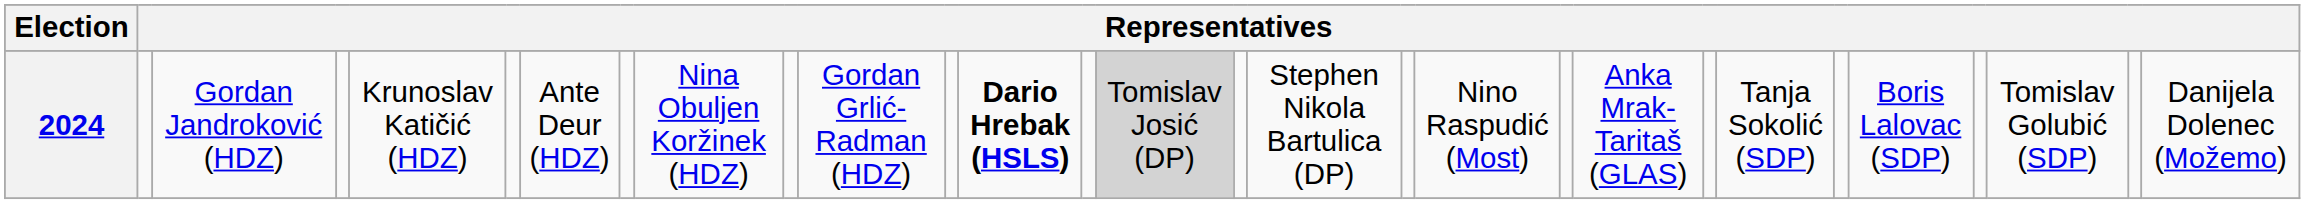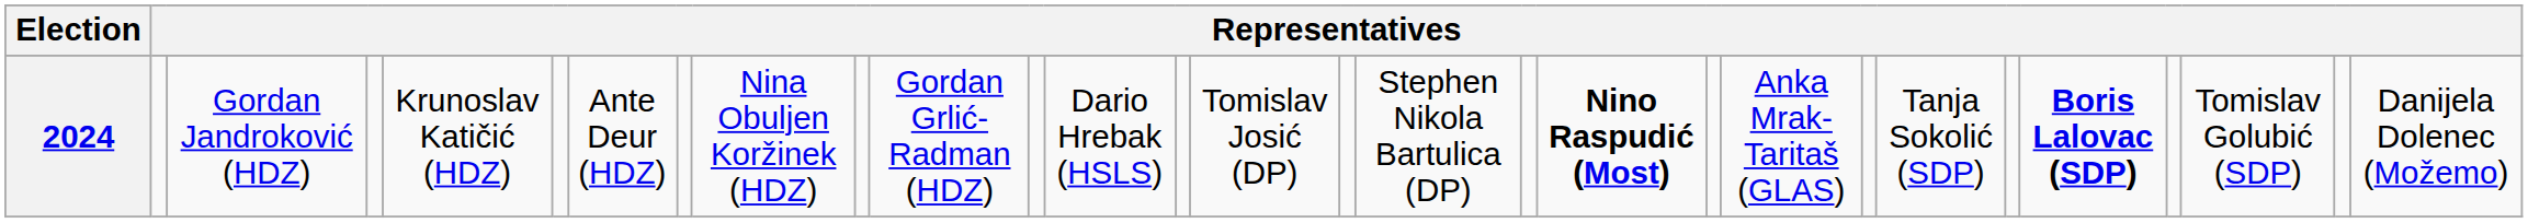 <table class=wikitable style="text-align: center;">
 <tr>
 <th style="width: 65px;">Election</th>
 <th colspan=28>Representatives</th>
 </tr>
 <tr>
 <th><a href='#'>2024</a></th>
 <td style="background:"></td>
 <td><a href='#'>Gordan Jandroković</a><br>(<a href='#'>HDZ</a>)</td>
 <td style="background:"></td>
 <td>Krunoslav Katičić<br>(<a href='#'>HDZ</a>)</td>
 <td style="background:"></td>
 <td>Ante Deur<br>(<a href='#'>HDZ</a>)</td>
 <td style="background:"></td>
 <td><a href='#'>Nina Obuljen Koržinek</a><br>(<a href='#'>HDZ</a>)</td>
 <td style="background:"></td>
 <td><a href='#'>Gordan Grlić-Radman</a><br>(<a href='#'>HDZ</a>)</td>
 <td style="background:"></td>
-<td><strong>Dario Hrebak<br>(<a href='#'>HSLS</a>)</strong></td>
+<td>Dario Hrebak<br>(<a href='#'>HSLS</a>)</td>
 <td style="background:"></td>
-<td style="background: lightgrey;">Tomislav Josić<br>(DP)</td>
+<td>Tomislav Josić<br>(DP)</td>
 <td style="background:"></td>
 <td>Stephen Nikola Bartulica<br>(DP)</td>
 <td style="background:"></td>
-<td>Nino Raspudić<br>(<a href='#'>Most</a>)</td>
+<td><strong>Nino Raspudić<br>(<a href='#'>Most</a>)</strong></td>
 <td style="background:"></td>
 <td><a href='#'>Anka Mrak-Taritaš</a><br>(<a href='#'>GLAS</a>)</td>
 <td style="background:"></td>
 <td>Tanja Sokolić<br>(<a href='#'>SDP</a>)</td>
 <td style="background:"></td>
-<td><a href='#'>Boris Lalovac</a><br>(<a href='#'>SDP</a>)</td>
+<td><strong><a href='#'>Boris Lalovac</a><br>(<a href='#'>SDP</a>)</strong></td>
 <td style="background:"></td>
 <td>Tomislav Golubić<br>(<a href='#'>SDP</a>)</td>
 <td style="background:"></td>
 <td>Danijela Dolenec<br>(<a href='#'>Možemo</a>)</td>
 </tr>
 </table>
